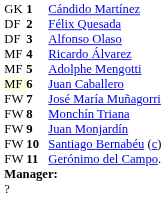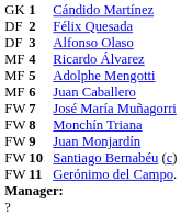 <table style="font-size: 90%" cellspacing="0" cellpadding="0" align=center>
 <tr>
 <td colspan="4"></td>
 </tr>
 <tr>
 <th width=25></th>
 <th width=25></th>
 </tr>
 <tr>
 <td>GK</td>
 <td><strong>1</strong></td>
 <td> <a href='#'>Cándido Martínez</a></td>
 </tr>
 <tr>
 <td>DF</td>
 <td><strong>2</strong></td>
 <td> <a href='#'>Félix Quesada</a></td>
 </tr>
 <tr>
 <td>DF</td>
 <td><strong>3</strong></td>
 <td> <a href='#'>Alfonso Olaso</a></td>
 </tr>
 <tr>
 <td>MF</td>
 <td><strong>4</strong></td>
 <td> <a href='#'>Ricardo Álvarez</a></td>
 </tr>
 <tr>
 <td>MF</td>
 <td><strong>5</strong></td>
 <td> <a href='#'>Adolphe Mengotti</a></td>
 </tr>
 <tr>
-<td style="background: lightyellow;">MF</td>
+<td>MF</td>
 <td><strong>6</strong></td>
 <td> <a href='#'>Juan Caballero</a></td>
 </tr>
 <tr>
 <td>FW</td>
 <td><strong>7</strong></td>
 <td> <a href='#'>José María Muñagorri</a></td>
 </tr>
 <tr>
 <td>FW</td>
 <td><strong>8</strong></td>
 <td> <a href='#'>Monchín Triana</a></td>
 </tr>
 <tr>
 <td>FW</td>
 <td><strong>9</strong></td>
 <td> <a href='#'>Juan Monjardín</a></td>
 </tr>
 <tr>
 <td>FW</td>
 <td><strong>10</strong></td>
 <td> <a href='#'>Santiago Bernabéu</a> (<a href='#'>c</a>)</td>
 </tr>
 <tr>
 <td>FW</td>
 <td><strong>11</strong></td>
 <td> <a href='#'>Gerónimo del Campo</a>.</td>
 </tr>
 <tr>
 <td colspan=3><strong>Manager:</strong></td>
 </tr>
 <tr>
 <td colspan=4>?</td>
 </tr>
 </table>
